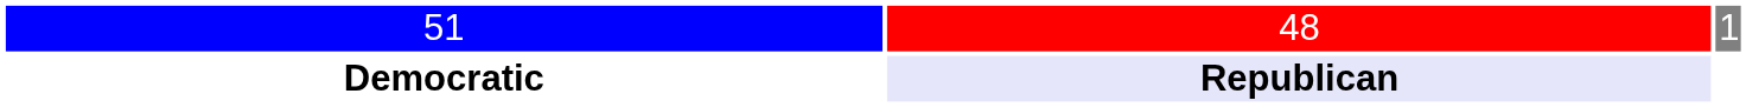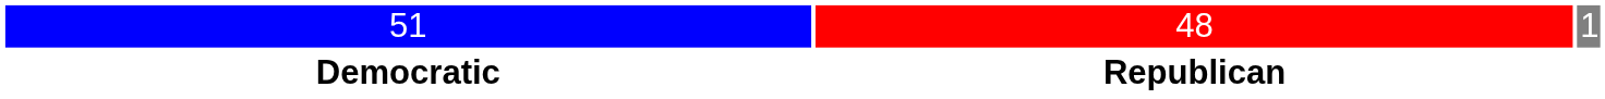 <table style="width:60%; text-align:center;">
 <tr style="color:white;">
 <td style="background:blue; width:51.0%;">51</td>
 <td style="background:red; width:48.0%;">48</td>
 <td style="background:grey; width:1.0%;">1</td>
 </tr>
 <tr>
 <td><span><strong>Democratic</strong></span></td>
-<td style="background: lavender;"><span><strong>Republican</strong></span></td>
+<td><span><strong>Republican</strong></span></td>
 </tr>
 </table>
